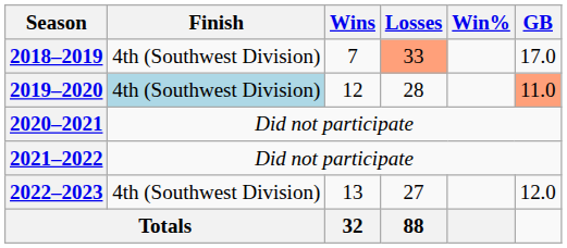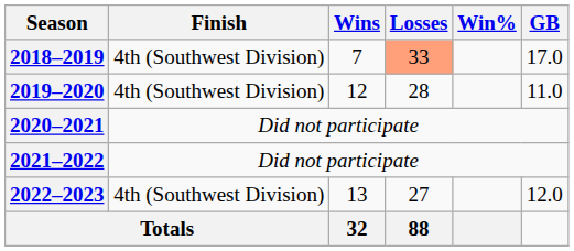 <table class="wikitable plainrowheaders" style="text-align:center; font-size:95%">
 <tr>
 <th scope="col">Season</th>
 <th scope="col">Finish</th>
 <th scope="col"><a href='#'>Wins</a></th>
 <th scope="col"><a href='#'>Losses</a></th>
 <th scope="col"><a href='#'>Win%</a></th>
 <th scope="col"><a href='#'>GB</a></th>
 </tr>
 <tr>
 <th scope="row" style="text-align:center;"><a href='#'>2018–2019</a></th>
 <td>4th (Southwest Division)</td>
 <td>7</td>
 <td style="background: lightsalmon;">33</td>
 <td></td>
 <td>17.0</td>
 </tr>
 <tr>
 <th scope="row" style="text-align:center;"><a href='#'>2019–2020</a></th>
-<td style="background: lightblue;">4th (Southwest Division)</td>
+<td>4th (Southwest Division)</td>
 <td>12</td>
 <td>28</td>
 <td></td>
-<td style="background: lightsalmon;">11.0</td>
+<td>11.0</td>
 </tr>
 <tr>
 <th scope="row" style="text-align:center;"><a href='#'>2020–2021</a></th>
 <td colspan=5><em>Did not participate</em></td>
 </tr>
 <tr>
 <th scope="row" style="text-align:center;"><a href='#'>2021–2022</a></th>
 <td colspan=5><em>Did not participate</em></td>
 </tr>
 <tr>
 <th scope="row" style="text-align:center;"><a href='#'>2022–2023</a></th>
 <td>4th (Southwest Division)</td>
 <td>13</td>
 <td>27</td>
 <td></td>
 <td>12.0</td>
 </tr>
 <tr>
 <th colspan=2>Totals</th>
 <th>32</th>
 <th>88</th>
 <th></th>
 <td></td>
 </tr>
 </table>
